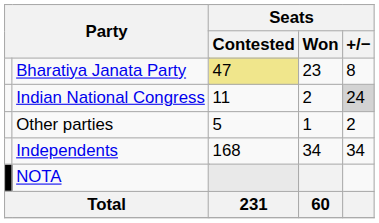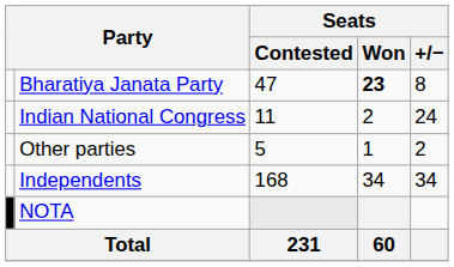 <table class="wikitable">
 <tr>
 <th colspan="4" rowspan="2">Party</th>
 <th colspan="3">Seats</th>
 </tr>
 <tr>
 <th>Contested</th>
 <th>Won</th>
 <th><strong>+/−</strong></th>
 </tr>
 <tr>
 <td></td>
 <td colspan="3"><a href='#'>Bharatiya Janata Party</a></td>
-<td style="background: khaki;">47</td>
-<td>23</td>
+<td>47</td>
+<td><strong>23</strong></td>
 <td>8</td>
 </tr>
 <tr>
 <td></td>
 <td colspan="3"><a href='#'>Indian National Congress</a></td>
 <td>11</td>
 <td>2</td>
-<td style="background: lightgrey;">24</td>
+<td>24</td>
 </tr>
 <tr>
 <td></td>
 <td colspan="3">Other parties</td>
 <td>5</td>
 <td>1</td>
 <td>2</td>
 </tr>
 <tr>
 <td></td>
 <td colspan="3"><a href='#'>Independents</a></td>
 <td>168</td>
 <td>34</td>
 <td>34</td>
 </tr>
 <tr>
 <td style="background:Black; color:White"></td>
 <td colspan="3"><a href='#'>NOTA</a></td>
 <th style="background-color:#E9E9E9"></th>
 <th></th>
 <td></td>
 </tr>
 <tr>
 <th colspan="4">Total</th>
 <th>231</th>
 <th>60</th>
 <th></th>
 </tr>
 <tr>
 </tr>
 </table>
